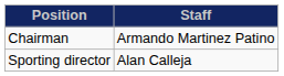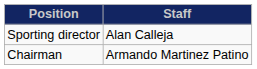 <table class="wikitable">
 <tr>
 <th style=background-color:#122562;color:#c8c8c8>Position</th>
 <th style=background-color:#122562;color:#c8c8c8>Staff</th>
 </tr>
 <tr>
+<td>Sporting director</td>
+<td> Alan Calleja</td>
+</tr>
+<tr>
 <td>Chairman</td>
 <td> Armando Martinez Patino</td>
 </tr>
-<tr>
-<td>Sporting director</td>
-<td> Alan Calleja</td>
-</tr>
 </table>
